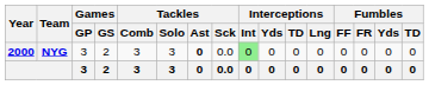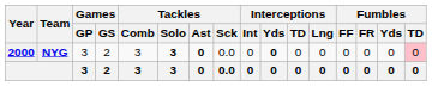 <table class="wikitable" style="text-align:center">
 <tr>
 <th rowspan="2">Year</th>
 <th rowspan="2">Team</th>
 <th colspan="2">Games</th>
 <th colspan="4">Tackles</th>
 <th colspan="4">Interceptions</th>
 <th colspan="4">Fumbles</th>
 </tr>
 <tr>
 <th>GP</th>
 <th>GS</th>
 <th>Comb</th>
 <th>Solo</th>
 <th>Ast</th>
 <th>Sck</th>
 <th>Int</th>
 <th>Yds</th>
 <th>TD</th>
 <th>Lng</th>
 <th>FF</th>
 <th>FR</th>
 <th>Yds</th>
 <th>TD</th>
 </tr>
 <tr>
 <th><a href='#'>2000</a></th>
 <th><a href='#'>NYG</a></th>
 <td>3</td>
 <td>2</td>
 <td>3</td>
-<td>3</td>
+<td><strong>3</strong></td>
 <td><strong>0</strong></td>
 <td>0.0</td>
-<td style="background: lightgreen;">0</td>
+<td>0</td>
+<td><strong>0</strong></td>
 <td>0</td>
 <td>0</td>
 <td>0</td>
 <td>0</td>
 <td>0</td>
-<td>0</td>
-<td>0</td>
+<td style="background: pink;">0</td>
 </tr>
 <tr>
 <th colspan="2"></th>
 <th>3</th>
 <th>2</th>
 <th>3</th>
 <th>3</th>
 <th>0</th>
 <th>0.0</th>
 <th>0</th>
 <th>0</th>
 <th>0</th>
 <th>0</th>
 <th>0</th>
 <th>0</th>
 <th>0</th>
 <th>0</th>
 </tr>
 </table>
